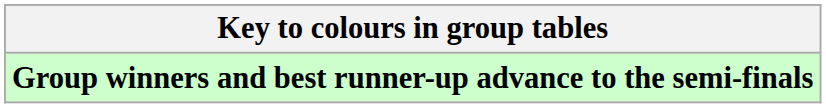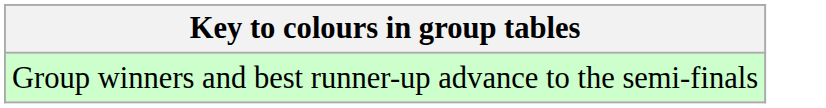 <table class="wikitable">
 <tr>
 <th>Key to colours in group tables</th>
 </tr>
 <tr bgcolor=#ccffcc>
-<td><strong>Group winners and best runner-up advance to the semi-finals</strong></td>
+<td>Group winners and best runner-up advance to the semi-finals</td>
 </tr>
 </table>
